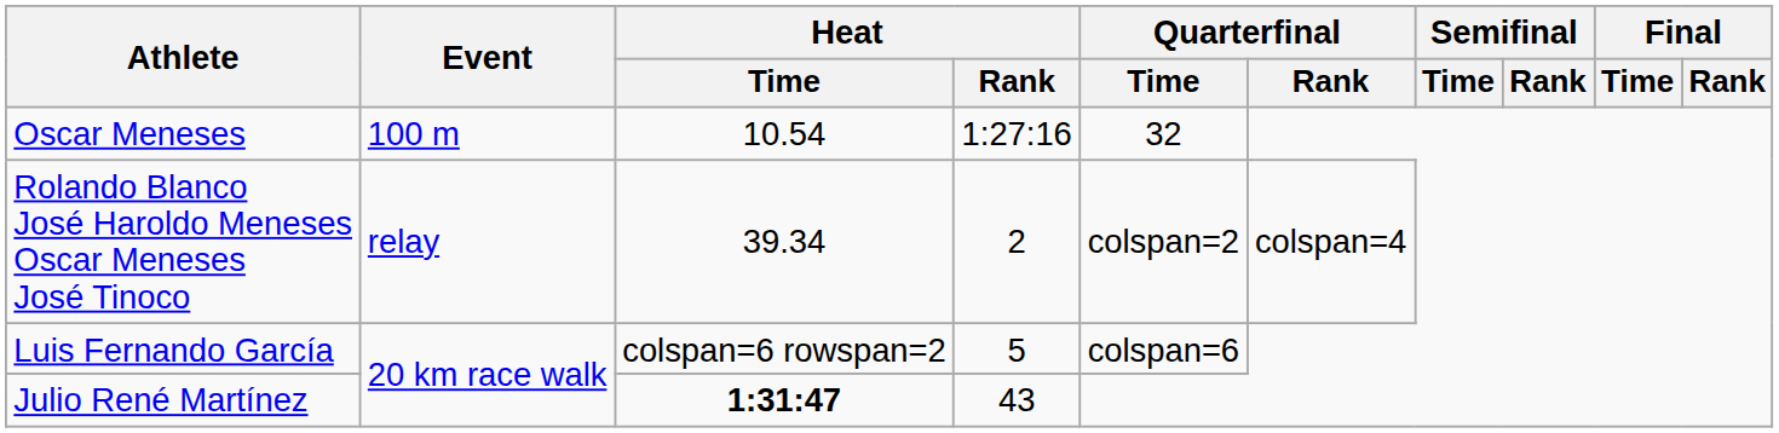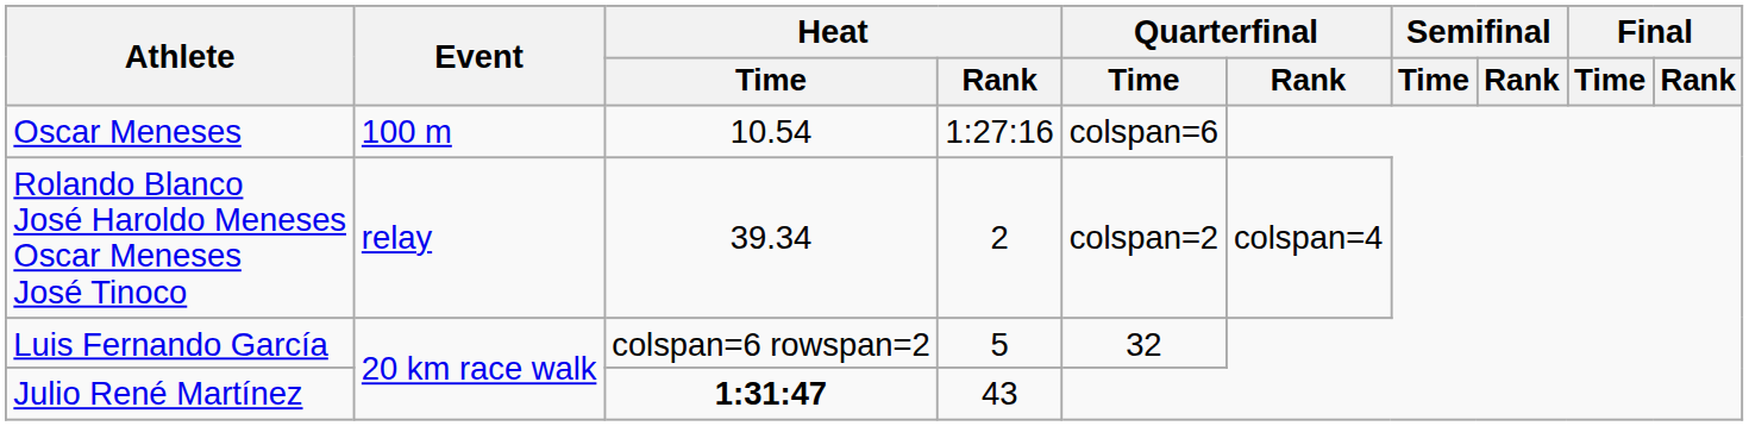 <table class=wikitable style=font-size:90%;text-align:center>
 <tr>
 <th rowspan=2>Athlete</th>
 <th rowspan=2>Event</th>
 <th colspan=2>Heat</th>
 <th colspan=2>Quarterfinal</th>
 <th colspan=2>Semifinal</th>
 <th colspan=2>Final</th>
 </tr>
 <tr style=font-size:95%>
 <th>Time</th>
 <th>Rank</th>
 <th>Time</th>
 <th>Rank</th>
 <th>Time</th>
 <th>Rank</th>
 <th>Time</th>
 <th>Rank</th>
 </tr>
 <tr>
 <td align=left><a href='#'>Oscar Meneses</a></td>
 <td align=left><a href='#'>100 m</a></td>
 <td>10.54</td>
 <td>1:27:16</td>
-<td>32</td>
+<td>colspan=6 </td>
 </tr>
 <tr>
 <td align=left><a href='#'>Rolando Blanco</a><br><a href='#'>José Haroldo Meneses</a><br><a href='#'>Oscar Meneses</a><br><a href='#'>José Tinoco</a></td>
 <td align=left><a href='#'> relay</a></td>
 <td>39.34</td>
 <td>2</td>
 <td>colspan=2 </td>
 <td>colspan=4 </td>
 </tr>
 <tr>
 <td align=left><a href='#'>Luis Fernando García</a></td>
 <td align=left rowspan=2><a href='#'>20 km race walk</a></td>
 <td>colspan=6 rowspan=2 </td>
 <td>5</td>
-<td>colspan=6 </td>
+<td>32</td>
 </tr>
 <tr>
 <td align=left><a href='#'>Julio René Martínez</a></td>
 <td><strong>1:31:47</strong></td>
 <td>43</td>
 </tr>
 </table>
